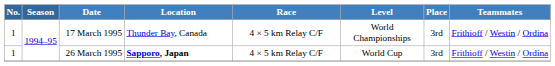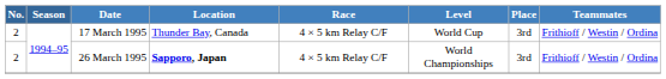 <table class="wikitable sortable" style="font-size:95%; text-align:center; border:grey solid 1px; border-collapse:collapse; background:#ffffff;">
 <tr style="background:#efefef;">
 <th style="background-color:#369; color:white;">No.</th>
 <th style="background-color:#369; color:white;">Season</th>
 <th style="background-color:#4180be; color:white; width:100px;">Date</th>
 <th style="background-color:#4180be; color:white; width:170px;">Location</th>
 <th style="background-color:#4180be; color:white; width:170px;">Race</th>
 <th style="background-color:#4180be; color:white; width:130px;">Level</th>
 <th style="background-color:#4180be; color:white;">Place</th>
 <th style="background-color:#4180be; color:white;">Teammates</th>
 </tr>
 <tr>
-<td align=center>1</td>
+<td align=center>2</td>
 <td rowspan=2 align=center><a href='#'>1994–95</a></td>
 <td align=right>17 March 1995</td>
 <td align=left> <a href='#'>Thunder Bay</a>, Canada</td>
+<td>4 × 5 km Relay C/F</td>
+<td>World Cup</td>
+<td>3rd</td>
+<td><a href='#'>Frithioff</a> / <a href='#'>Westin</a> / <a href='#'>Ordina</a></td>
+</tr>
+<tr>
+<td align=center>2</td>
+<td align=right>26 March 1995</td>
+<td align=left><strong> <a href='#'>Sapporo</a>, Japan</strong></td>
 <td>4 × 5 km Relay C/F</td>
 <td>World Championships</td>
 <td>3rd</td>
 <td><a href='#'>Frithioff</a> / <a href='#'>Westin</a> / <a href='#'>Ordina</a></td>
 </tr>
 <tr>
-<td align=center>1</td>
-<td align=right>26 March 1995</td>
-<td align=left><strong> <a href='#'>Sapporo</a>, Japan</strong></td>
-<td>4 × 5 km Relay C/F</td>
-<td>World Cup</td>
-<td>3rd</td>
-<td><a href='#'>Frithioff</a> / <a href='#'>Westin</a> / <a href='#'>Ordina</a></td>
-</tr>
-<tr>
 </tr>
 </table>
